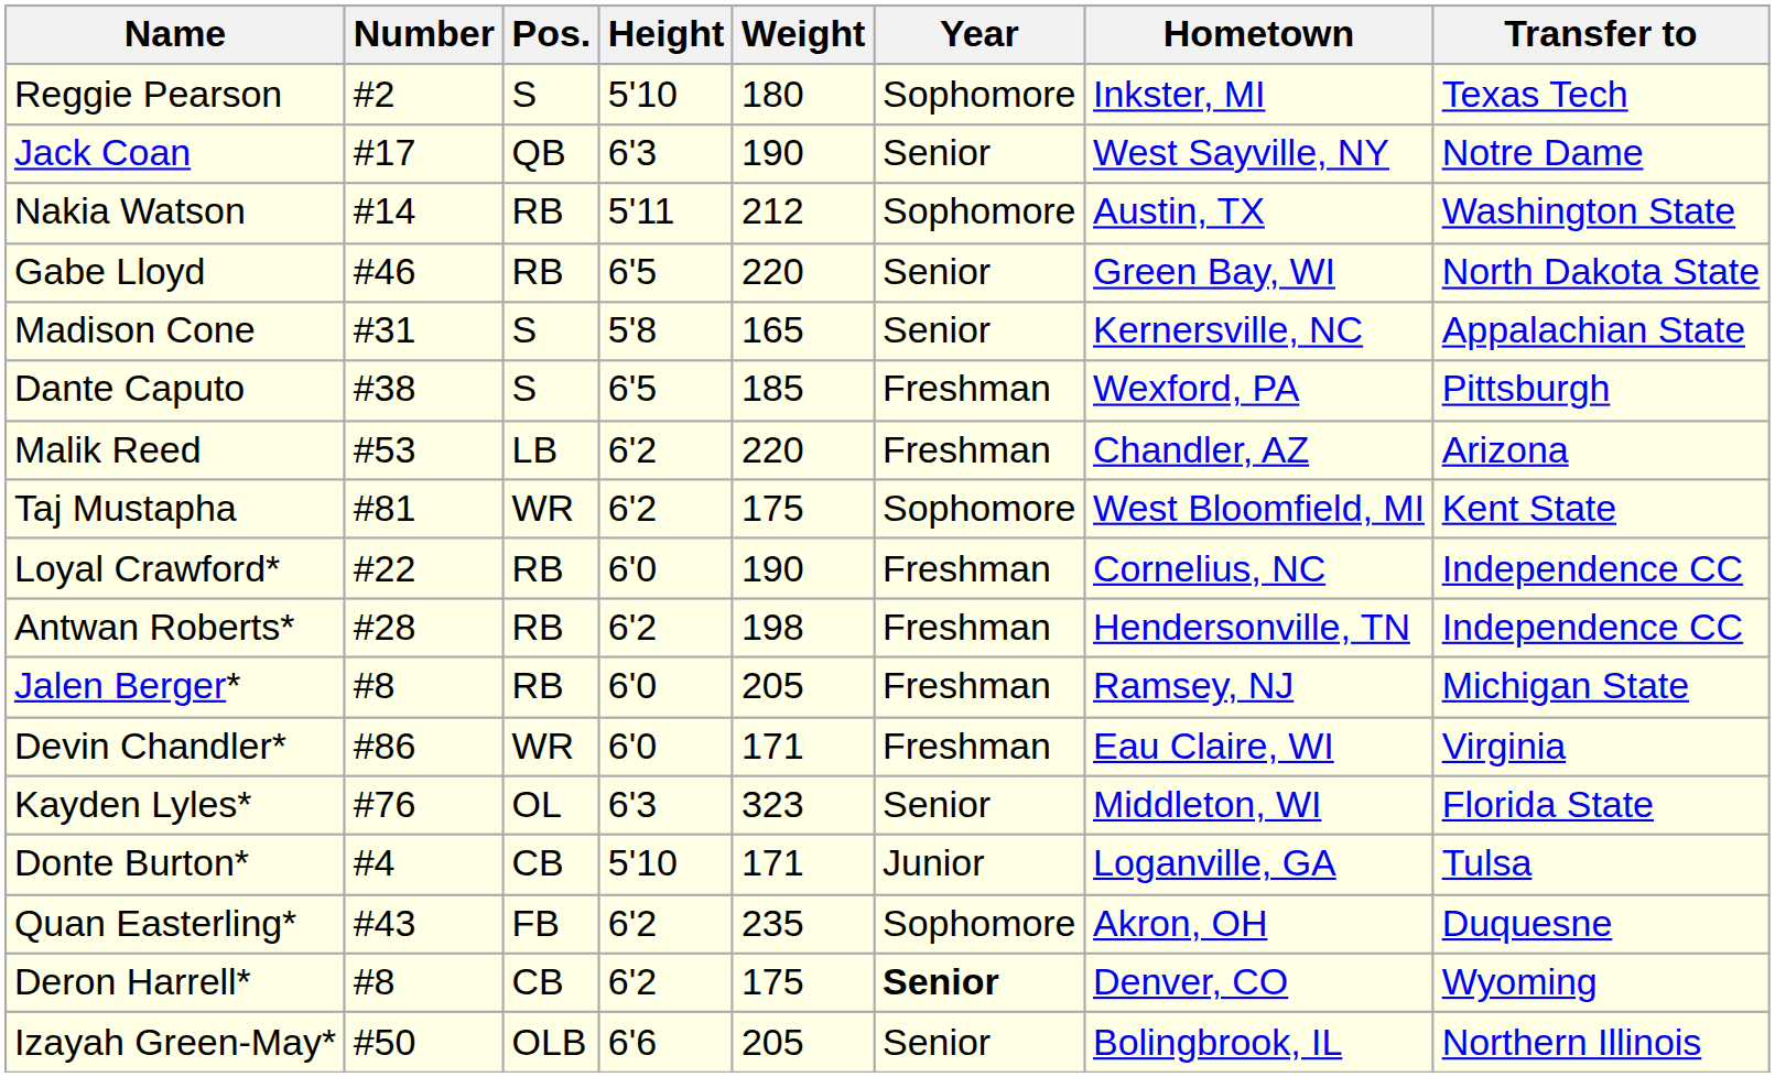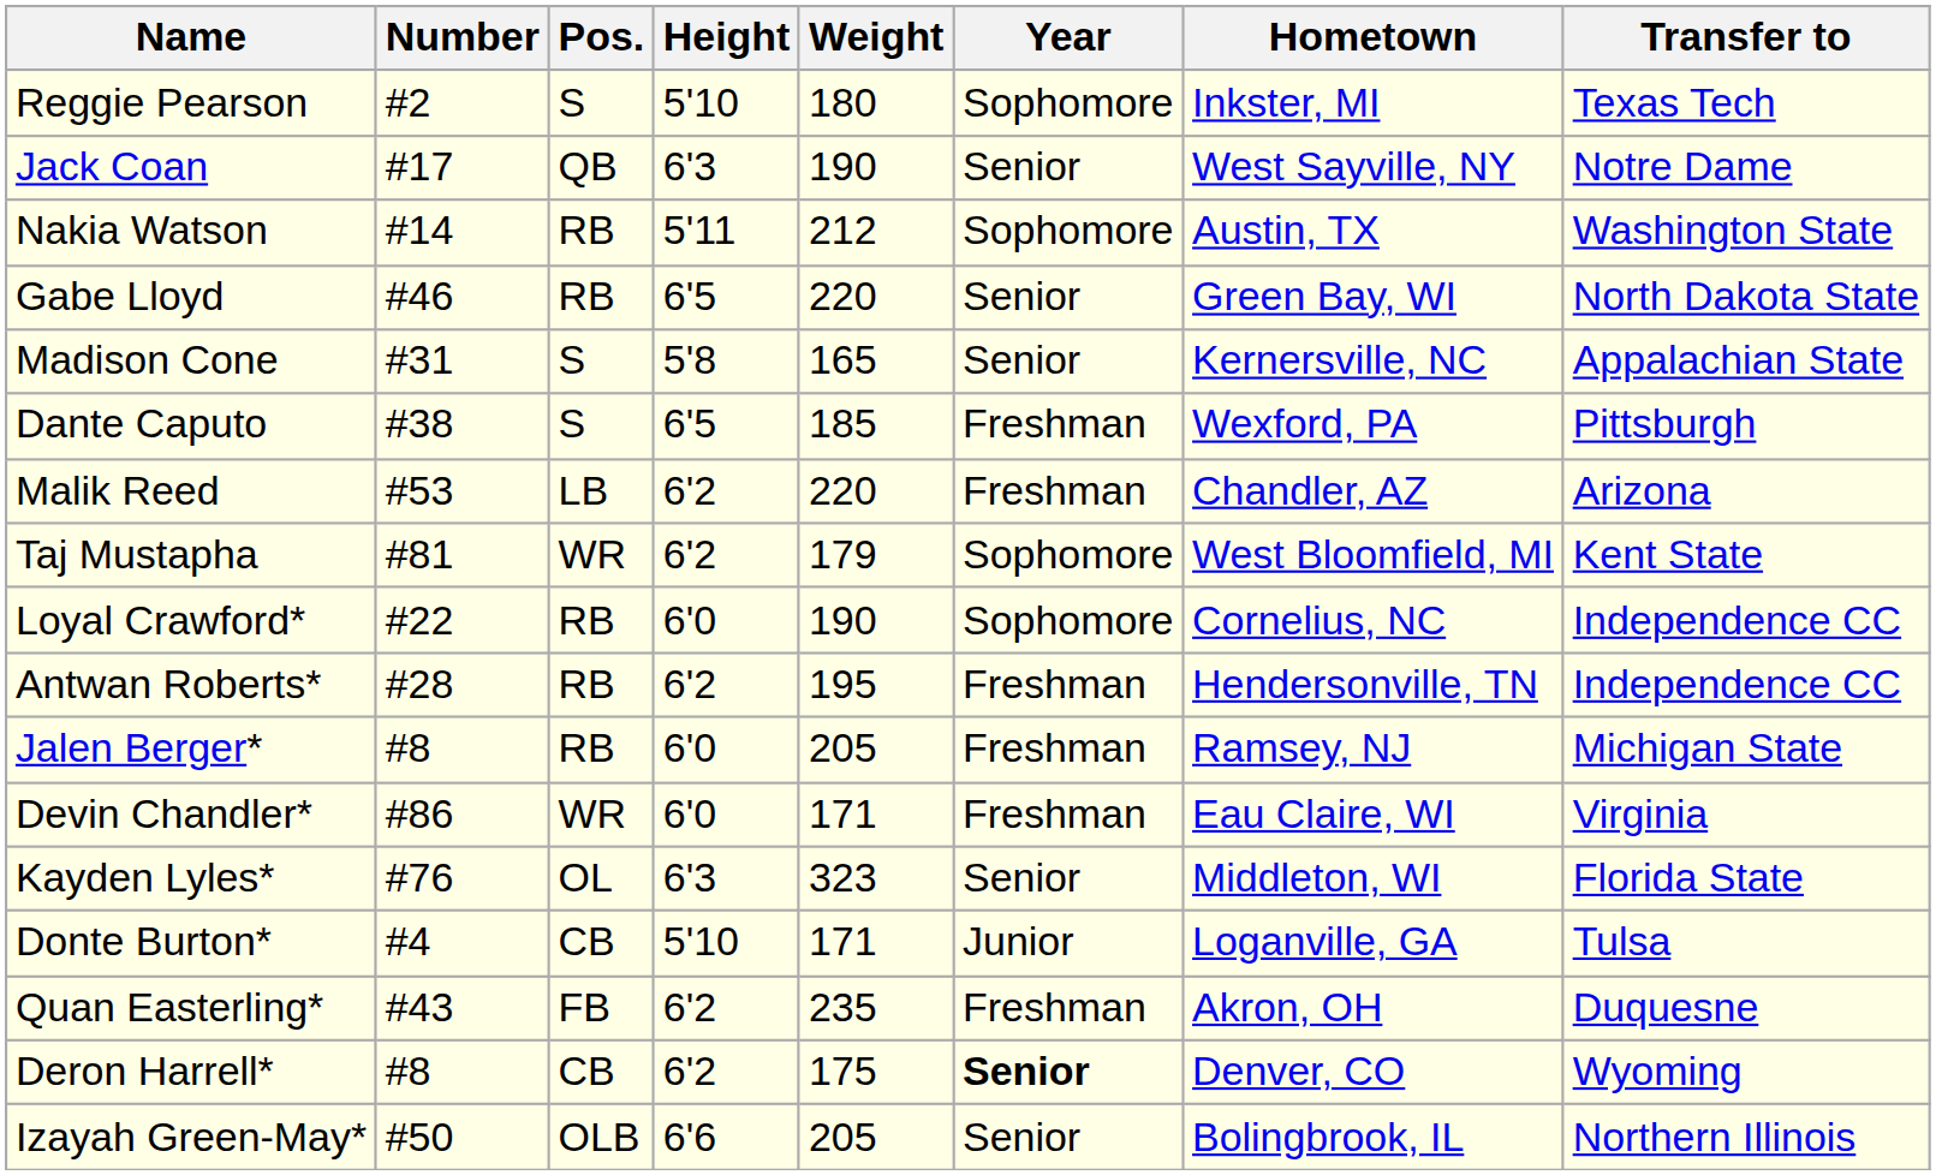 <table class="wikitable sortable">
 <tr>
 <th>Name</th>
 <th>Number</th>
 <th>Pos.</th>
 <th>Height</th>
 <th>Weight</th>
 <th>Year</th>
 <th>Hometown</th>
 <th class="unsortable">Transfer to</th>
 </tr>
 <tr style="background:#FFFFE6;">
 <td>Reggie Pearson</td>
 <td>#2</td>
 <td>S</td>
 <td>5'10</td>
 <td>180</td>
 <td>Sophomore </td>
 <td><a href='#'>Inkster, MI</a></td>
 <td><a href='#'>Texas Tech</a></td>
 </tr>
 <tr style="background:#FFFFE6;">
 <td><a href='#'>Jack Coan</a></td>
 <td>#17</td>
 <td>QB</td>
 <td>6'3</td>
 <td>190</td>
 <td>Senior</td>
 <td><a href='#'>West Sayville, NY</a></td>
 <td><a href='#'>Notre Dame</a></td>
 </tr>
 <tr style="background:#FFFFE6;">
 <td>Nakia Watson</td>
 <td>#14</td>
 <td>RB</td>
 <td>5'11</td>
 <td>212</td>
 <td>Sophomore </td>
 <td><a href='#'>Austin, TX</a></td>
 <td><a href='#'>Washington State</a></td>
 </tr>
 <tr style="background:#FFFFE6;">
 <td>Gabe Lloyd</td>
 <td>#46</td>
 <td>RB</td>
 <td>6'5</td>
 <td>220</td>
 <td>Senior </td>
 <td><a href='#'>Green Bay, WI</a></td>
 <td><a href='#'>North Dakota State</a></td>
 </tr>
 <tr style="background:#FFFFE6;">
 <td>Madison Cone</td>
 <td>#31</td>
 <td>S</td>
 <td>5'8</td>
 <td>165</td>
 <td>Senior</td>
 <td><a href='#'>Kernersville, NC</a></td>
 <td><a href='#'>Appalachian State</a></td>
 </tr>
 <tr style="background:#FFFFE6;">
 <td>Dante Caputo</td>
 <td>#38</td>
 <td>S</td>
 <td>6'5</td>
 <td>185</td>
 <td>Freshman </td>
 <td><a href='#'>Wexford, PA</a></td>
 <td><a href='#'>Pittsburgh</a></td>
 </tr>
 <tr style="background:#FFFFE6;">
 <td>Malik Reed</td>
 <td>#53</td>
 <td>LB</td>
 <td>6'2</td>
 <td>220</td>
 <td>Freshman</td>
 <td><a href='#'>Chandler, AZ</a></td>
 <td><a href='#'>Arizona</a></td>
 </tr>
 <tr style="background:#FFFFE6;">
 <td>Taj Mustapha</td>
 <td>#81</td>
 <td>WR</td>
 <td>6'2</td>
-<td>175</td>
+<td>179</td>
 <td>Sophomore </td>
 <td><a href='#'>West Bloomfield, MI</a></td>
 <td><a href='#'>Kent State</a></td>
 </tr>
 <tr style="background:#FFFFE6;">
 <td>Loyal Crawford*</td>
 <td>#22</td>
 <td>RB</td>
 <td>6'0</td>
 <td>190</td>
-<td>Freshman</td>
+<td>Sophomore </td>
 <td><a href='#'>Cornelius, NC</a></td>
 <td><a href='#'>Independence CC</a></td>
 </tr>
 <tr style="background:#FFFFE6;">
 <td>Antwan Roberts*</td>
 <td>#28</td>
 <td>RB</td>
 <td>6'2</td>
-<td>198</td>
+<td>195</td>
 <td>Freshman</td>
 <td><a href='#'>Hendersonville, TN</a></td>
 <td><a href='#'>Independence CC</a></td>
 </tr>
 <tr style="background:#FFFFE6;">
 <td><a href='#'>Jalen Berger</a>*</td>
 <td>#8</td>
 <td>RB</td>
 <td>6'0</td>
 <td>205</td>
 <td>Freshman </td>
 <td><a href='#'>Ramsey, NJ</a></td>
 <td><a href='#'>Michigan State</a></td>
 </tr>
 <tr style="background:#FFFFE6;">
 <td>Devin Chandler*</td>
 <td>#86</td>
 <td>WR</td>
 <td>6'0</td>
 <td>171</td>
 <td>Freshman </td>
 <td><a href='#'>Eau Claire, WI</a></td>
 <td><a href='#'>Virginia</a></td>
 </tr>
 <tr style="background:#FFFFE6;">
 <td>Kayden Lyles*</td>
 <td>#76</td>
 <td>OL</td>
 <td>6'3</td>
 <td>323</td>
 <td>Senior </td>
 <td><a href='#'>Middleton, WI</a></td>
 <td><a href='#'>Florida State</a></td>
 </tr>
 <tr style="background:#FFFFE6;">
 <td>Donte Burton*</td>
 <td>#4</td>
 <td>CB</td>
 <td>5'10</td>
 <td>171</td>
 <td>Junior </td>
 <td><a href='#'>Loganville, GA</a></td>
 <td><a href='#'>Tulsa</a></td>
 </tr>
 <tr style="background:#FFFFE6;">
 <td>Quan Easterling*</td>
 <td>#43</td>
 <td>FB</td>
 <td>6'2</td>
 <td>235</td>
-<td>Sophomore </td>
+<td>Freshman</td>
 <td><a href='#'>Akron, OH</a></td>
 <td><a href='#'>Duquesne</a></td>
 </tr>
 <tr style="background:#FFFFE6;">
 <td>Deron Harrell*</td>
 <td>#8</td>
 <td>CB</td>
 <td>6'2</td>
 <td>175</td>
 <td><strong>Senior </strong></td>
 <td><a href='#'>Denver, CO</a></td>
 <td><a href='#'>Wyoming</a></td>
 </tr>
 <tr style="background:#FFFFE6;">
 <td>Izayah Green-May*</td>
 <td>#50</td>
 <td>OLB</td>
 <td>6'6</td>
 <td>205</td>
 <td>Senior </td>
 <td><a href='#'>Bolingbrook, IL</a></td>
 <td><a href='#'>Northern Illinois</a></td>
 </tr>
 <tr>
 </tr>
 </table>
